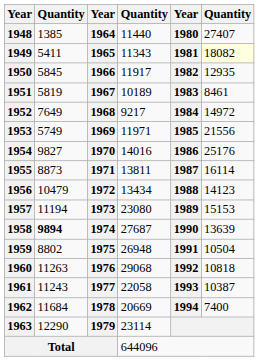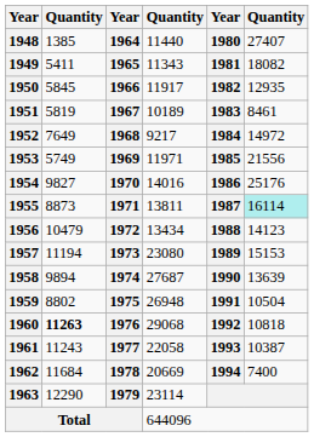 <table class="wikitable">
 <tr>
 <th>Year</th>
 <th>Quantity</th>
 <th>Year</th>
 <th>Quantity</th>
 <th>Year</th>
 <th>Quantity</th>
 </tr>
 <tr>
 <th>1948</th>
 <td>1385</td>
 <th>1964</th>
 <td>11440</td>
 <th>1980</th>
 <td>27407</td>
 </tr>
 <tr>
 <th>1949</th>
 <td>5411</td>
 <th>1965</th>
 <td>11343</td>
 <th>1981</th>
-<td style="background: lightyellow;">18082</td>
+<td>18082</td>
 </tr>
 <tr>
 <th>1950</th>
 <td>5845</td>
 <th>1966</th>
 <td>11917</td>
 <th>1982</th>
 <td>12935</td>
 </tr>
 <tr>
 <th>1951</th>
 <td>5819</td>
 <th>1967</th>
 <td>10189</td>
 <th>1983</th>
 <td>8461</td>
 </tr>
 <tr>
 <th>1952</th>
 <td>7649</td>
 <th>1968</th>
 <td>9217</td>
 <th>1984</th>
 <td>14972</td>
 </tr>
 <tr>
 <th>1953</th>
 <td>5749</td>
 <th>1969</th>
 <td>11971</td>
 <th>1985</th>
 <td>21556</td>
 </tr>
 <tr>
 <th>1954</th>
 <td>9827</td>
 <th>1970</th>
 <td>14016</td>
 <th>1986</th>
 <td>25176</td>
 </tr>
 <tr>
 <th>1955</th>
 <td>8873</td>
 <th>1971</th>
 <td>13811</td>
 <th>1987</th>
-<td>16114</td>
+<td style="background: paleturquoise;">16114</td>
 </tr>
 <tr>
 <th>1956</th>
 <td>10479</td>
 <th>1972</th>
 <td>13434</td>
 <th>1988</th>
 <td>14123</td>
 </tr>
 <tr>
 <th>1957</th>
 <td>11194</td>
 <th>1973</th>
 <td>23080</td>
 <th>1989</th>
 <td>15153</td>
 </tr>
 <tr>
 <th>1958</th>
-<td><strong>9894</strong></td>
+<td>9894</td>
 <th>1974</th>
 <td>27687</td>
 <th>1990</th>
 <td>13639</td>
 </tr>
 <tr>
 <th>1959</th>
 <td>8802</td>
 <th>1975</th>
 <td>26948</td>
 <th>1991</th>
 <td>10504</td>
 </tr>
 <tr>
 <th>1960</th>
-<td>11263</td>
+<td><strong>11263</strong></td>
 <th>1976</th>
 <td>29068</td>
 <th>1992</th>
 <td>10818</td>
 </tr>
 <tr>
 <th>1961</th>
 <td>11243</td>
 <th>1977</th>
 <td>22058</td>
 <th>1993</th>
 <td>10387</td>
 </tr>
 <tr>
 <th>1962</th>
 <td>11684</td>
 <th>1978</th>
 <td>20669</td>
 <th>1994</th>
 <td>7400</td>
 </tr>
 <tr>
 <th>1963</th>
 <td>12290</td>
 <th>1979</th>
 <td>23114</td>
 <th colspan="2"></th>
 </tr>
 <tr>
 <th colspan="3">Total</th>
 <td colspan="3">644096</td>
 </tr>
 </table>
